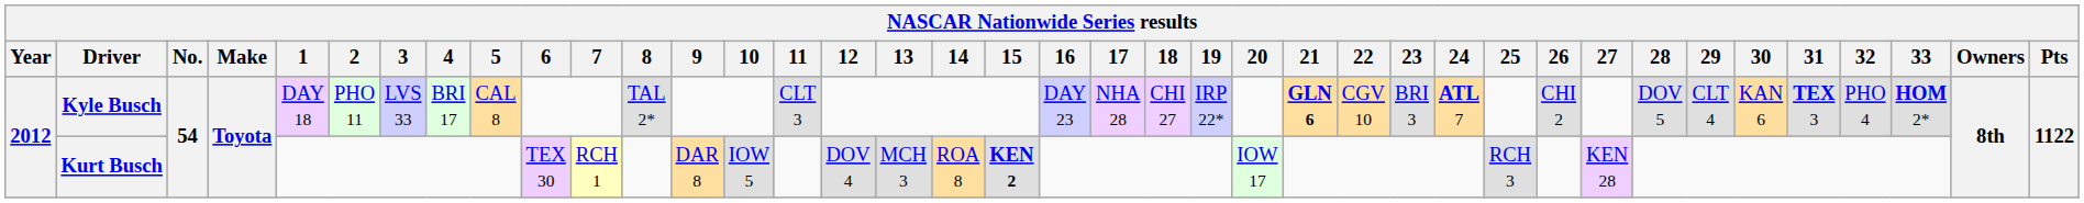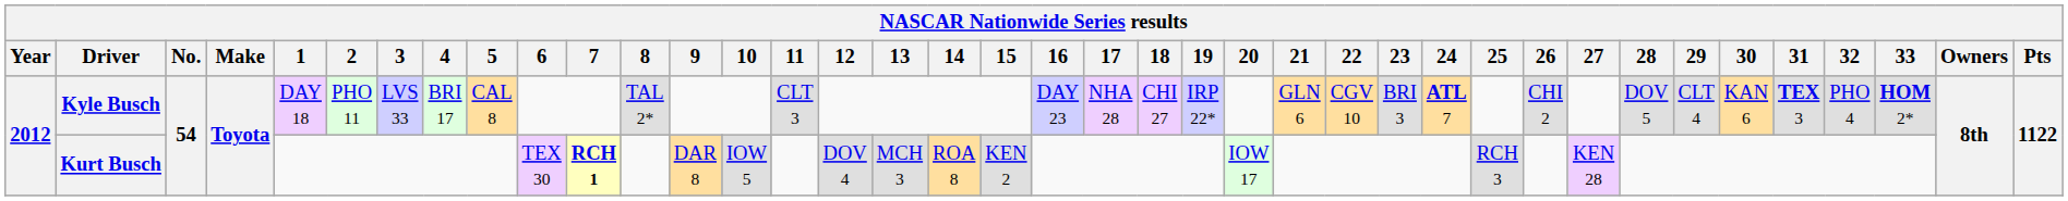 <table class="wikitable" style="text-align:center; font-size:75%">
 <tr>
 <th colspan=45><a href='#'>NASCAR Nationwide Series</a> results</th>
 </tr>
 <tr>
 <th>Year</th>
 <th>Driver</th>
 <th>No.</th>
 <th>Make</th>
 <th>1</th>
 <th>2</th>
 <th>3</th>
 <th>4</th>
 <th>5</th>
 <th>6</th>
 <th>7</th>
 <th>8</th>
 <th>9</th>
 <th>10</th>
 <th>11</th>
 <th>12</th>
 <th>13</th>
 <th>14</th>
 <th>15</th>
 <th>16</th>
 <th>17</th>
 <th>18</th>
 <th>19</th>
 <th>20</th>
 <th>21</th>
 <th>22</th>
 <th>23</th>
 <th>24</th>
 <th>25</th>
 <th>26</th>
 <th>27</th>
 <th>28</th>
 <th>29</th>
 <th>30</th>
 <th>31</th>
 <th>32</th>
 <th>33</th>
 <th>Owners</th>
 <th>Pts</th>
 </tr>
 <tr>
 <th rowspan=2><a href='#'>2012</a></th>
 <th><a href='#'>Kyle Busch</a></th>
 <th rowspan=2>54</th>
 <th rowspan=2><a href='#'>Toyota</a></th>
 <td style="background:#EFCFFF;"><a href='#'>DAY</a><br><small>18</small></td>
 <td style="background:#DFFFDF;"><a href='#'>PHO</a><br><small>11</small></td>
 <td style="background:#CFCFFF;"><a href='#'>LVS</a><br><small>33</small></td>
 <td style="background:#DFFFDF;"><a href='#'>BRI</a><br><small>17</small></td>
 <td style="background:#FFDF9F;"><a href='#'>CAL</a><br><small>8</small></td>
 <td colspan=2></td>
 <td style="background:#DFDFDF;"><a href='#'>TAL</a><br><small>2*</small></td>
 <td colspan=2></td>
 <td style="background:#DFDFDF;"><a href='#'>CLT</a><br><small>3</small></td>
 <td colspan=4></td>
 <td style="background:#cfcfff;"><a href='#'>DAY</a><br><small>23</small></td>
 <td style="background:#EFCFFF;"><a href='#'>NHA</a><br><small>28</small></td>
 <td style="background:#EFCFFF;"><a href='#'>CHI</a><br><small>27</small></td>
 <td style="background:#cfcfff;"><a href='#'>IRP</a><br><small>22*</small></td>
 <td></td>
-<td style="background:#ffdf9f;"><strong><a href='#'>GLN</a><br><small>6</small></strong></td>
+<td style="background:#ffdf9f;"><a href='#'>GLN</a><br><small>6</small></td>
 <td style="background:#ffdf9f;"><a href='#'>CGV</a><br><small>10</small></td>
 <td style="background:#dfdfdf;"><a href='#'>BRI</a><br><small>3</small></td>
 <td style="background:#ffdf9f;"><strong><a href='#'>ATL</a></strong><br><small>7</small></td>
 <td></td>
 <td style="background:#dfdfdf;"><a href='#'>CHI</a><br><small>2</small></td>
 <td></td>
 <td style="background:#dfdfdf;"><a href='#'>DOV</a><br><small>5</small></td>
 <td style="background:#dfdfdf;"><a href='#'>CLT</a><br><small>4</small></td>
 <td style="background:#ffdf9f;"><a href='#'>KAN</a><br><small>6</small></td>
 <td style="background:#dfdfdf;"><strong><a href='#'>TEX</a></strong><br><small>3</small></td>
 <td style="background:#dfdfdf;"><a href='#'>PHO</a><br><small>4</small></td>
 <td style="background:#dfdfdf;"><strong><a href='#'>HOM</a></strong><br><small>2*</small></td>
 <th rowspan=2>8th</th>
 <th rowspan=2>1122</th>
 </tr>
 <tr>
 <th><a href='#'>Kurt Busch</a></th>
 <td colspan=5></td>
 <td style="background:#EFCFFF;"><a href='#'>TEX</a><br><small>30</small></td>
-<td style="background:#FFFFBF;"><a href='#'>RCH</a><br><small>1</small></td>
+<td style="background:#FFFFBF;"><strong><a href='#'>RCH</a><br><small>1</small></strong></td>
 <td></td>
 <td style="background:#FFDF9F;"><a href='#'>DAR</a><br><small>8</small></td>
 <td style="background:#DFDFDF;"><a href='#'>IOW</a><br><small>5</small></td>
 <td></td>
 <td style="background:#DFDFDF;"><a href='#'>DOV</a><br><small>4</small></td>
 <td style="background:#DFDFDF;"><a href='#'>MCH</a><br><small>3</small></td>
 <td style="background:#FFDF9F;"><a href='#'>ROA</a><br><small>8</small></td>
-<td style="background:#DFDFDF;"><strong><a href='#'>KEN</a><br><small>2</small></strong></td>
+<td style="background:#DFDFDF;"><a href='#'>KEN</a><br><small>2</small></td>
 <td colspan=4></td>
 <td style="background:#DFFFDF;"><a href='#'>IOW</a><br><small>17</small></td>
 <td colspan=4></td>
 <td style="background:#DFDFDF;"><a href='#'>RCH</a><br><small>3</small></td>
 <td></td>
 <td style="background:#EFCFFF;"><a href='#'>KEN</a><br><small>28</small></td>
 <td colspan=6></td>
 </tr>
 </table>
